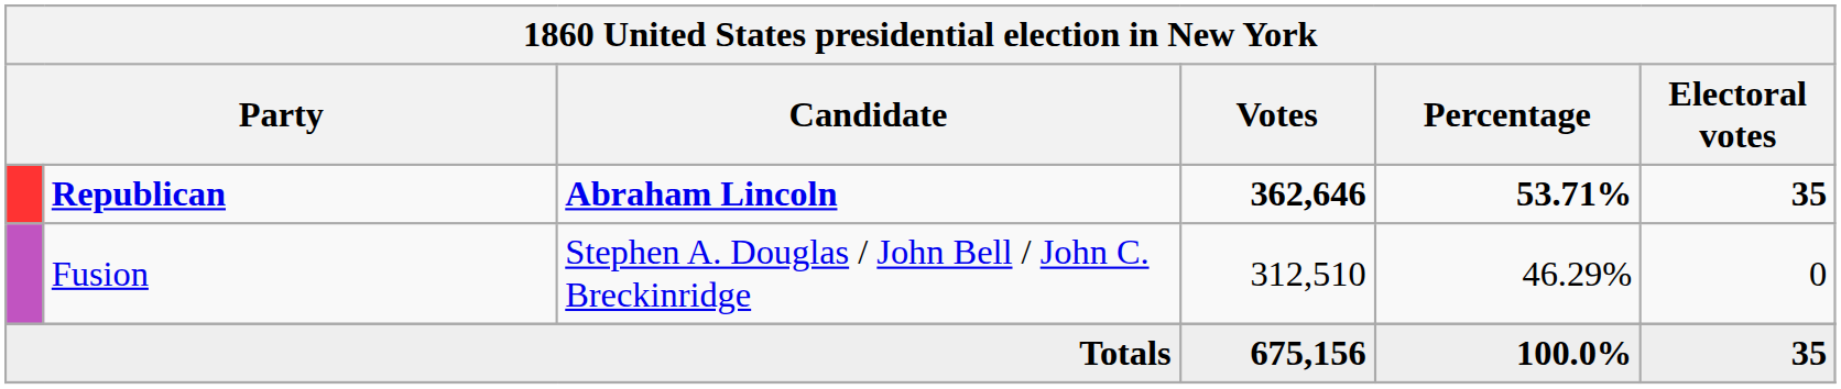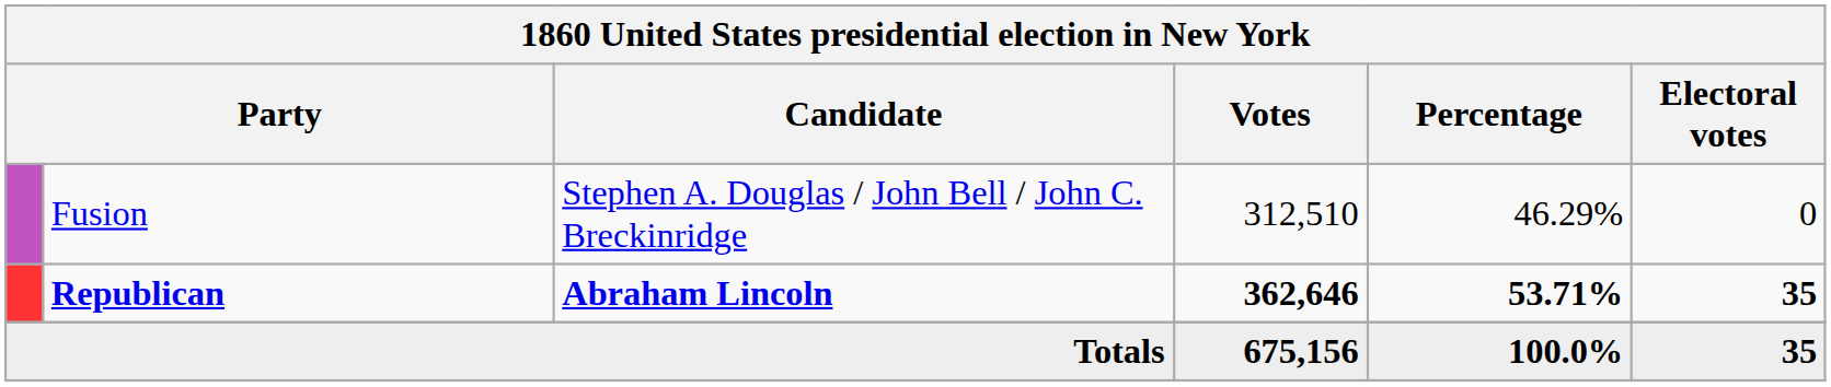 <table class="wikitable" style="font-size: 95%;">
 <tr>
 <th colspan="6">1860 United States presidential election in New York</th>
 </tr>
 <tr>
 <th colspan="2" style="width: 15em">Party</th>
 <th style="width: 17em">Candidate</th>
 <th style="width: 5em">Votes</th>
 <th style="width: 7em">Percentage</th>
 <th style="width: 5em">Electoral votes</th>
 </tr>
 <tr>
+<th style="background-color:#C154C1; width: 3px"></th>
+<td style="width: 130px"><a href='#'>Fusion</a></td>
+<td><a href='#'>Stephen A. Douglas</a> / <a href='#'>John Bell</a> / <a href='#'>John C. Breckinridge</a></td>
+<td align="right">312,510</td>
+<td align="right">46.29%</td>
+<td align="right">0</td>
+</tr>
+<tr>
 <th style="background-color:#FF3333; width: 3px"></th>
 <td style="width: 130px"><strong><a href='#'>Republican</a></strong></td>
 <td><strong><a href='#'>Abraham Lincoln</a></strong></td>
 <td align="right"><strong>362,646</strong></td>
 <td align="right"><strong>53.71%</strong></td>
 <td align="right"><strong>35</strong></td>
-</tr>
-<tr>
-<th style="background-color:#C154C1; width: 3px"></th>
-<td style="width: 130px"><a href='#'>Fusion</a></td>
-<td><a href='#'>Stephen A. Douglas</a> / <a href='#'>John Bell</a> / <a href='#'>John C. Breckinridge</a></td>
-<td align="right">312,510</td>
-<td align="right">46.29%</td>
-<td align="right">0</td>
 </tr>
 <tr>
 </tr>
 <tr bgcolor="#EEEEEE">
 <td colspan="3" align="right"><strong>Totals</strong></td>
 <td align="right"><strong>675,156</strong></td>
 <td align="right"><strong>100.0%</strong></td>
 <td align="right"><strong>35</strong></td>
 </tr>
 <tr>
 </tr>
 </table>
